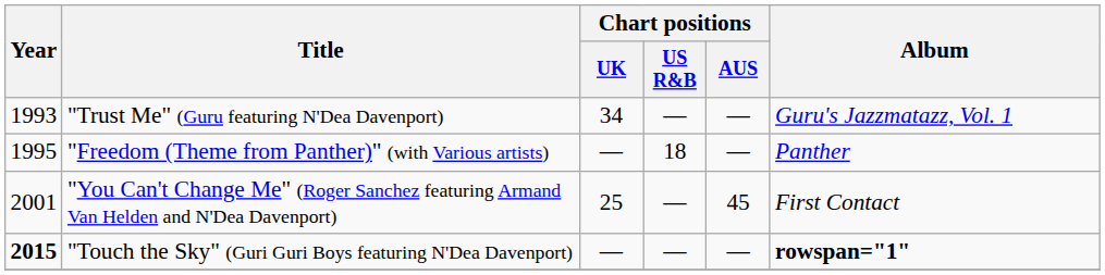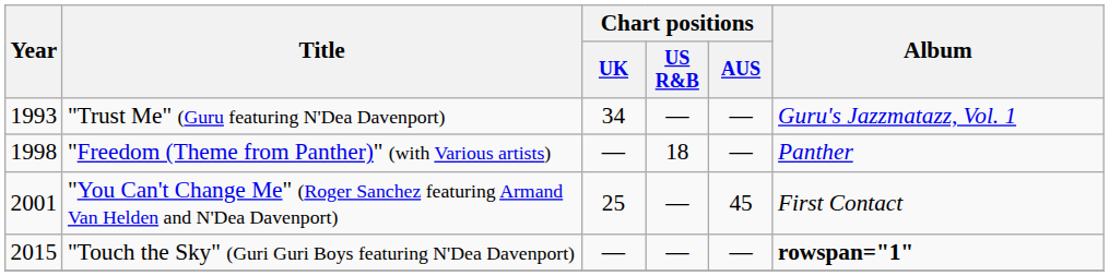 <table class="wikitable">
 <tr>
 <th width="28" rowspan="2">Year</th>
 <th width="350" rowspan="2">Title</th>
 <th colspan="3">Chart positions</th>
 <th width="220" rowspan="2">Album</th>
 </tr>
 <tr>
 <th scope="col" style="width:2.75em;font-size:85%;"><a href='#'>UK</a></th>
 <th scope="col" style="width:2.75em;font-size:85%;"><a href='#'>US R&B</a></th>
 <th scope="col" style="width:2.75em;font-size:85%;"><a href='#'>AUS</a></th>
 </tr>
 <tr>
 <td align="center" valign="center" rowspan="1">1993</td>
 <td>"Trust Me" <small>(<a href='#'>Guru</a> featuring N'Dea Davenport)</small></td>
 <td align="center">34</td>
 <td align="center">—</td>
 <td align="center">—</td>
 <td align="left" rowspan="1"><em><a href='#'>Guru's Jazzmatazz, Vol. 1</a></em></td>
 </tr>
 <tr>
-<td align="center" valign="center" rowspan="1">1995</td>
+<td align="center" valign="center" rowspan="1">1998</td>
 <td>"<a href='#'>Freedom (Theme from Panther)</a>" <small>(with <a href='#'>Various artists</a>)</small></td>
 <td align="center">—</td>
 <td align="center">18</td>
 <td align="center">—</td>
 <td align="left" rowspan="1"><em><a href='#'>Panther</a></em></td>
 </tr>
 <tr>
 <td align="center" valign="center" rowspan="1">2001</td>
 <td>"<a href='#'>You Can't Change Me</a>" <small>(<a href='#'>Roger Sanchez</a> featuring <a href='#'>Armand Van Helden</a> and N'Dea Davenport)</small></td>
 <td align="center">25</td>
 <td align="center">—</td>
 <td align="center">45</td>
 <td align="left" rowspan="1"><em>First Contact</em></td>
 </tr>
 <tr>
-<td align="center" valign="center" rowspan="1"><strong>2015</strong></td>
+<td align="center" valign="center" rowspan="1">2015</td>
 <td>"Touch the Sky" <small>(Guri Guri Boys featuring N'Dea Davenport)</small></td>
 <td align="center">—</td>
 <td align="center">—</td>
 <td align="center">—</td>
 <td><strong>rowspan="1" </strong></td>
 </tr>
 <tr>
 </tr>
 </table>
